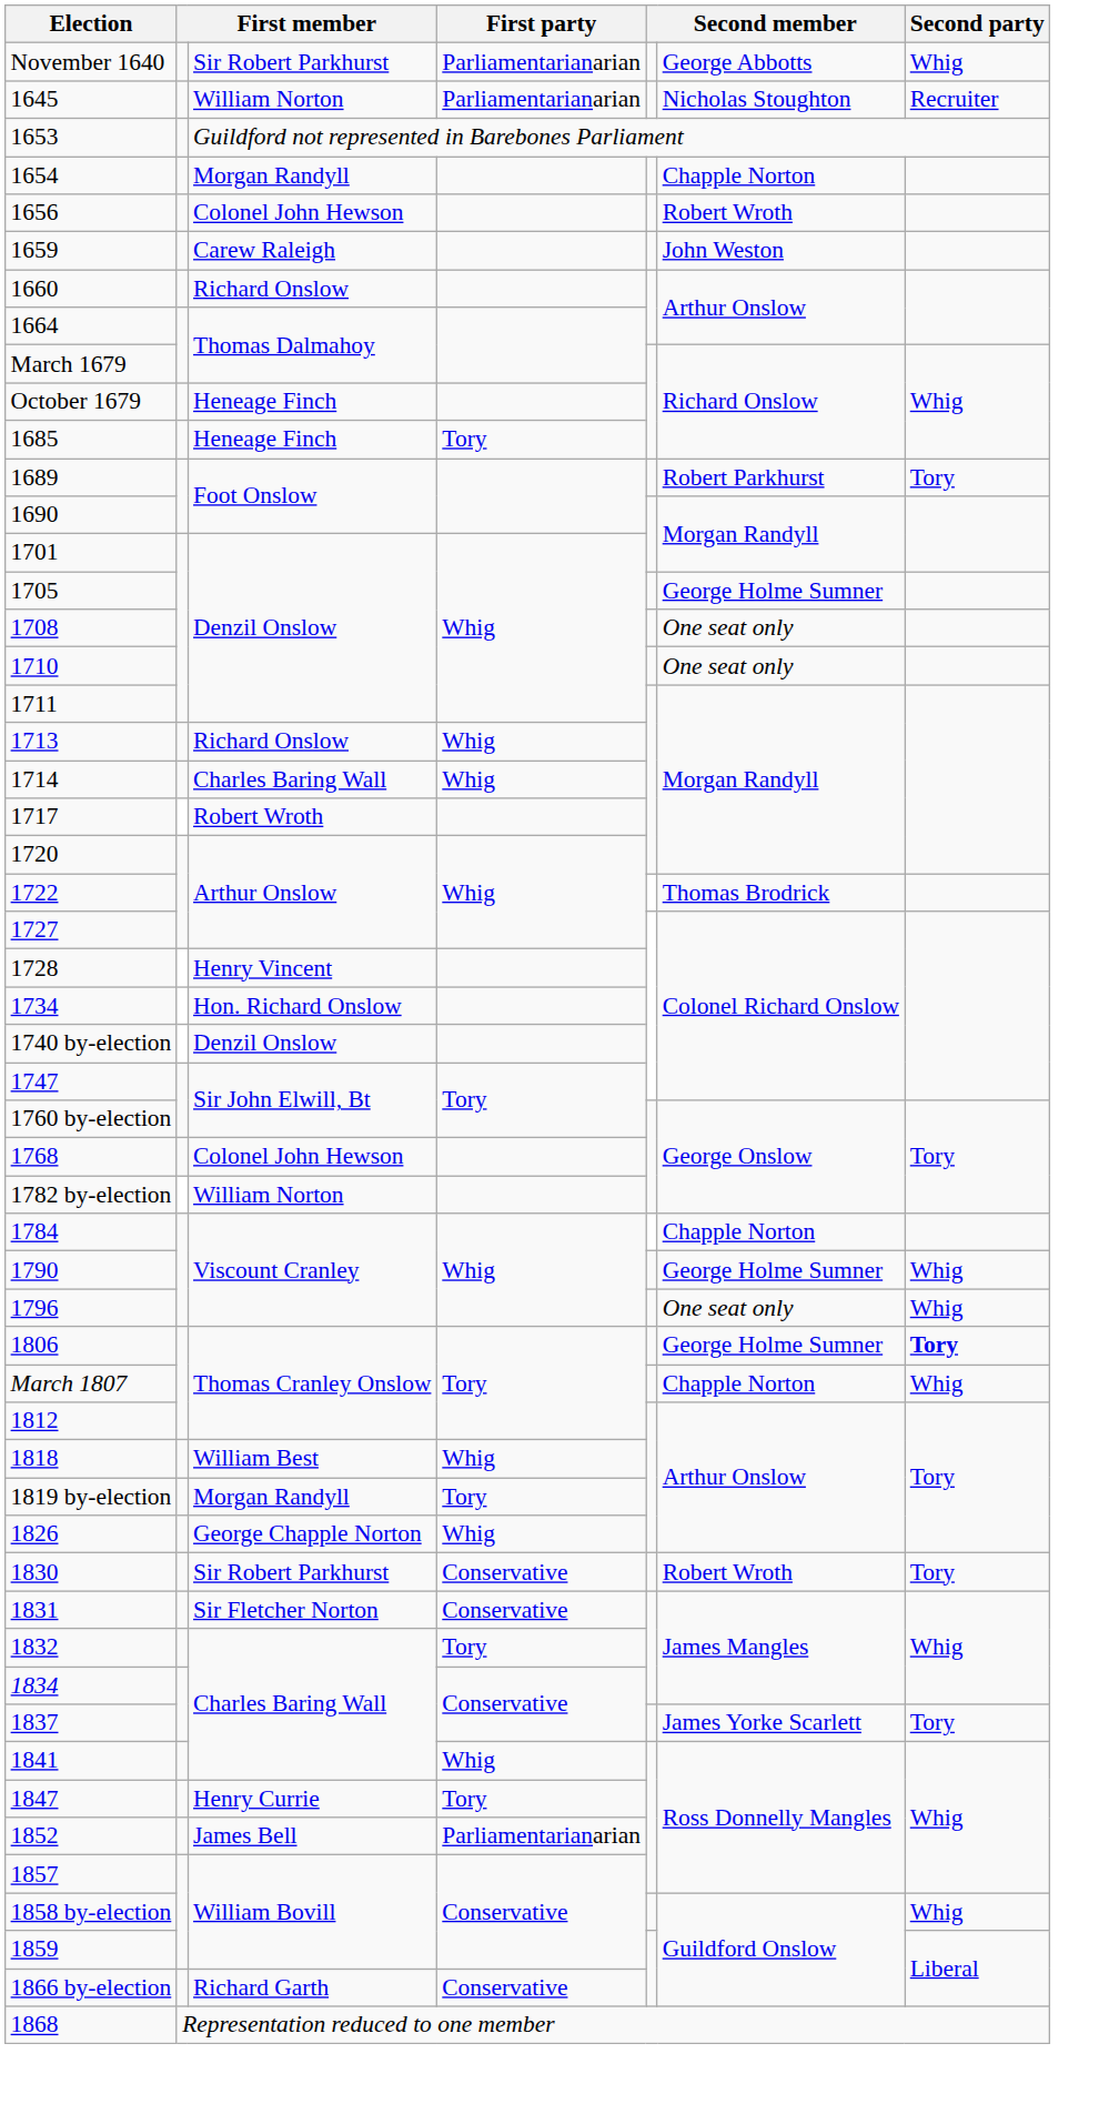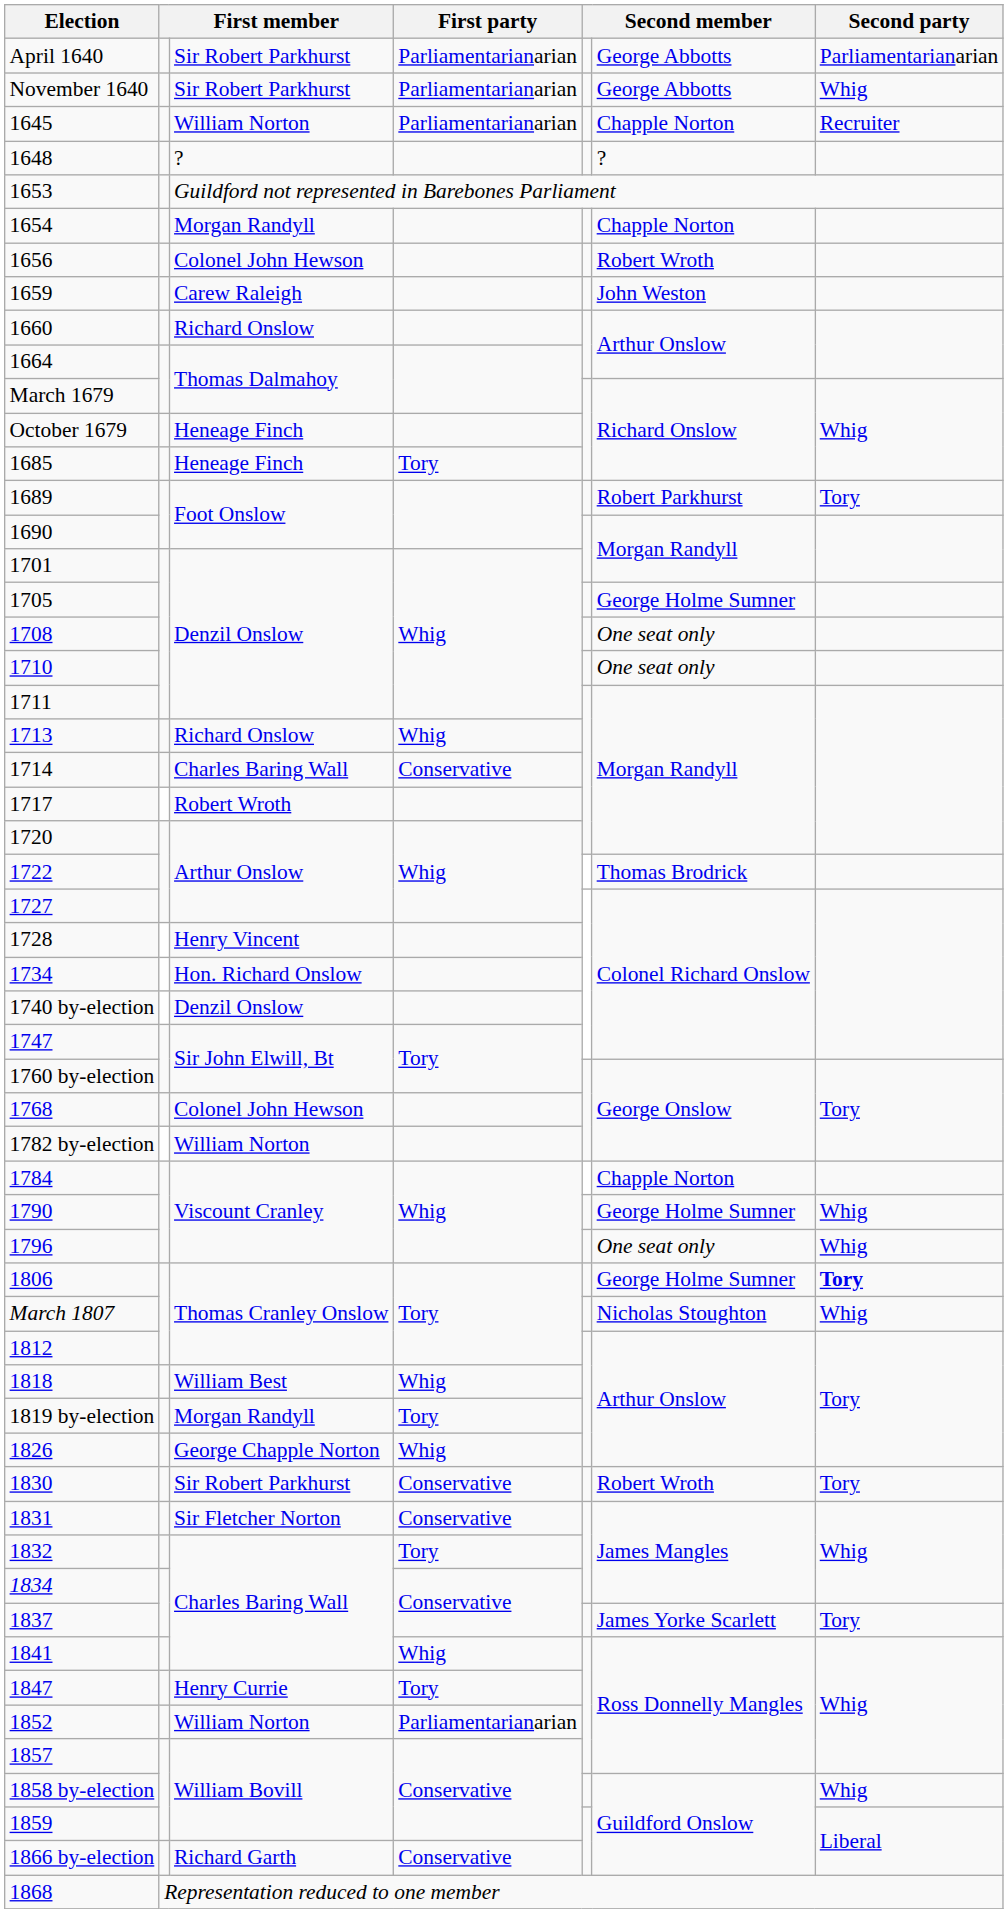 <table class="wikitable">
 <tr>
 <th>Election</th>
 <th colspan="2">First member</th>
 <th>First party</th>
 <th colspan="2">Second member</th>
 <th>Second party</th>
+</tr>
+<tr>
+<td>April 1640</td>
+<td></td>
+<td><a href='#'>Sir Robert Parkhurst</a></td>
+<td><a href='#'>Parliamentarian</a>arian</td>
+<td></td>
+<td><a href='#'>George Abbotts</a></td>
+<td><a href='#'>Parliamentarian</a>arian</td>
 </tr>
 <tr>
 <td>November 1640</td>
 <td></td>
 <td><a href='#'>Sir Robert Parkhurst</a></td>
 <td><a href='#'>Parliamentarian</a>arian</td>
 <td></td>
 <td><a href='#'>George Abbotts</a></td>
 <td><a href='#'>Whig</a></td>
 </tr>
 <tr>
 <td>1645</td>
 <td></td>
 <td><a href='#'>William Norton</a></td>
 <td><a href='#'>Parliamentarian</a>arian</td>
 <td></td>
-<td><a href='#'>Nicholas Stoughton</a></td>
+<td><a href='#'>Chapple Norton</a></td>
 <td><a href='#'>Recruiter</a></td>
+</tr>
+<tr>
+<td>1648</td>
+<td></td>
+<td>?</td>
+<td></td>
+<td></td>
+<td>?</td>
+<td></td>
 </tr>
 <tr>
 <td>1653</td>
 <td></td>
 <td colspan = "5"><em>Guildford not represented in Barebones Parliament</em></td>
 </tr>
 <tr>
 <td>1654</td>
 <td></td>
 <td><a href='#'>Morgan Randyll</a></td>
 <td></td>
 <td></td>
 <td><a href='#'>Chapple Norton</a></td>
 <td></td>
 </tr>
 <tr>
 <td>1656</td>
 <td></td>
 <td><a href='#'>Colonel John Hewson</a></td>
 <td></td>
 <td></td>
 <td><a href='#'>Robert Wroth</a></td>
 <td></td>
 </tr>
 <tr>
 <td>1659</td>
 <td></td>
 <td><a href='#'>Carew Raleigh</a></td>
 <td></td>
 <td></td>
 <td><a href='#'>John Weston</a></td>
 <td></td>
 </tr>
 <tr>
 <td>1660</td>
 <td></td>
 <td><a href='#'>Richard Onslow</a></td>
 <td></td>
 <td rowspan=2></td>
 <td rowspan=2><a href='#'>Arthur Onslow</a></td>
 <td rowspan=2></td>
 </tr>
 <tr>
 <td>1664</td>
 <td rowspan=2></td>
 <td rowspan=2><a href='#'>Thomas Dalmahoy</a></td>
 <td rowspan=2></td>
 </tr>
 <tr>
 <td>March 1679</td>
 <td rowspan=3 style="color:inherit;background-color: "></td>
 <td rowspan=3><a href='#'>Richard Onslow</a></td>
 <td rowspan=3><a href='#'>Whig</a></td>
 </tr>
 <tr>
 <td>October 1679</td>
 <td></td>
 <td><a href='#'>Heneage Finch</a></td>
 <td></td>
 </tr>
 <tr>
 <td>1685</td>
 <td style="color:inherit;background-color: "></td>
 <td><a href='#'>Heneage Finch</a></td>
 <td><a href='#'>Tory</a></td>
 </tr>
 <tr>
 <td>1689</td>
 <td rowspan=2></td>
 <td rowspan=2><a href='#'>Foot Onslow</a></td>
 <td rowspan=2></td>
 <td></td>
 <td><a href='#'>Robert Parkhurst</a></td>
 <td><a href='#'>Tory</a></td>
 </tr>
 <tr>
 <td>1690</td>
 <td rowspan=2></td>
 <td rowspan=2><a href='#'>Morgan Randyll</a></td>
 <td rowspan=2></td>
 </tr>
 <tr>
 <td>1701</td>
 <td rowspan=5 style="color:inherit;background-color: "></td>
 <td rowspan=5><a href='#'>Denzil Onslow</a></td>
 <td rowspan=5><a href='#'>Whig</a></td>
 </tr>
 <tr>
 <td>1705</td>
 <td></td>
 <td><a href='#'>George Holme Sumner</a></td>
 <td></td>
 </tr>
 <tr>
 <td><a href='#'>1708</a></td>
 <td></td>
 <td><em>One seat only</em></td>
 <td></td>
 </tr>
 <tr>
 <td><a href='#'>1710</a></td>
 <td></td>
 <td><em>One seat only</em></td>
 <td></td>
 </tr>
 <tr>
 <td>1711</td>
 <td rowspan="5" style="color:inherit;background-color: "></td>
 <td rowspan="5"><a href='#'>Morgan Randyll</a></td>
 <td rowspan="5"></td>
 </tr>
 <tr>
 <td><a href='#'>1713</a></td>
 <td style="color:inherit;background-color: "></td>
 <td><a href='#'>Richard Onslow</a></td>
 <td><a href='#'>Whig</a></td>
 </tr>
 <tr>
 <td>1714</td>
 <td style="color:inherit;background-color: "></td>
 <td><a href='#'>Charles Baring Wall</a></td>
-<td><a href='#'>Whig</a></td>
+<td><a href='#'>Conservative</a></td>
 </tr>
 <tr>
 <td>1717</td>
 <td style="color:inherit;background-color: white"></td>
 <td><a href='#'>Robert Wroth</a></td>
 <td></td>
 </tr>
 <tr>
 <td>1720</td>
 <td rowspan="3" style="color:inherit;background-color: "></td>
 <td rowspan="3"><a href='#'>Arthur Onslow</a></td>
 <td rowspan="3"><a href='#'>Whig</a></td>
 </tr>
 <tr>
 <td><a href='#'>1722</a></td>
 <td style="color:inherit;background-color: white"></td>
 <td><a href='#'>Thomas Brodrick</a></td>
 <td></td>
 </tr>
 <tr>
 <td><a href='#'>1727</a></td>
 <td rowspan="5" style="color:inherit;background-color: white"></td>
 <td rowspan="5"><a href='#'>Colonel Richard Onslow</a></td>
 <td rowspan="5"></td>
 </tr>
 <tr>
 <td>1728</td>
 <td style="color:inherit;background-color: white"></td>
 <td><a href='#'>Henry Vincent</a></td>
 <td></td>
 </tr>
 <tr>
 <td><a href='#'>1734</a></td>
 <td style="color:inherit;background-color: white"></td>
 <td><a href='#'>Hon. Richard Onslow</a></td>
 <td></td>
 </tr>
 <tr>
 <td>1740 by-election</td>
 <td style="color:inherit;background-color: white"></td>
 <td><a href='#'>Denzil Onslow</a></td>
 <td></td>
 </tr>
 <tr>
 <td><a href='#'>1747</a></td>
 <td rowspan="2" style="color:inherit;background-color: "></td>
 <td rowspan="2"><a href='#'>Sir John Elwill, Bt</a></td>
 <td rowspan="2"><a href='#'>Tory</a></td>
 </tr>
 <tr>
 <td>1760 by-election</td>
 <td rowspan="3" style="color:inherit;background-color: "></td>
 <td rowspan="3"><a href='#'>George Onslow</a></td>
 <td rowspan="3"><a href='#'>Tory</a></td>
 </tr>
 <tr>
 <td><a href='#'>1768</a></td>
 <td></td>
 <td><a href='#'>Colonel John Hewson</a></td>
 <td></td>
 </tr>
 <tr>
 <td>1782 by-election</td>
 <td style="color:inherit;background-color: white"></td>
 <td><a href='#'>William Norton</a></td>
 <td></td>
 </tr>
 <tr>
 <td><a href='#'>1784</a></td>
 <td rowspan="3" style="color:inherit;background-color: "></td>
 <td rowspan="3"><a href='#'>Viscount Cranley</a></td>
 <td rowspan="3"><a href='#'>Whig</a></td>
 <td style="color:inherit;background-color: white"></td>
 <td><a href='#'>Chapple Norton</a></td>
 <td></td>
 </tr>
 <tr>
 <td><a href='#'>1790</a></td>
 <td style="color:inherit;background-color: "></td>
 <td><a href='#'>George Holme Sumner</a></td>
 <td><a href='#'>Whig</a></td>
 </tr>
 <tr>
 <td><a href='#'>1796</a></td>
 <td style="color:inherit;background-color: "></td>
 <td><em>One seat only</em></td>
 <td><a href='#'>Whig</a></td>
 </tr>
 <tr>
 <td><a href='#'>1806</a></td>
 <td rowspan="3" style="color:inherit;background-color: "></td>
 <td rowspan="3"><a href='#'>Thomas Cranley Onslow</a></td>
 <td rowspan="3"><a href='#'>Tory</a></td>
 <td style="color:inherit;background-color: "></td>
 <td><a href='#'>George Holme Sumner</a> </td>
 <td><strong><a href='#'>Tory</a></strong></td>
 </tr>
 <tr>
 <td><em>March 1807</em></td>
 <td style="color:inherit;background-color: "></td>
-<td><a href='#'>Chapple Norton</a></td>
+<td><a href='#'>Nicholas Stoughton</a></td>
 <td><a href='#'>Whig</a></td>
 </tr>
 <tr>
 <td><a href='#'>1812</a></td>
 <td rowspan="4" style="color:inherit;background-color: "></td>
 <td rowspan="4"><a href='#'>Arthur Onslow</a></td>
 <td rowspan="4"><a href='#'>Tory</a></td>
 </tr>
 <tr>
 <td><a href='#'>1818</a></td>
 <td style="color:inherit;background-color: "></td>
 <td><a href='#'>William Best</a></td>
 <td><a href='#'>Whig</a></td>
 </tr>
 <tr>
 <td>1819 by-election</td>
 <td style="color:inherit;background-color: "></td>
 <td><a href='#'>Morgan Randyll</a></td>
 <td><a href='#'>Tory</a></td>
 </tr>
 <tr>
 <td><a href='#'>1826</a></td>
 <td style="color:inherit;background-color: "></td>
 <td><a href='#'>George Chapple Norton</a></td>
 <td><a href='#'>Whig</a></td>
 </tr>
 <tr>
 <td><a href='#'>1830</a></td>
 <td style="color:inherit;background-color: "></td>
 <td><a href='#'>Sir Robert Parkhurst</a></td>
 <td><a href='#'>Conservative</a></td>
 <td style="color:inherit;background-color: "></td>
 <td><a href='#'>Robert Wroth</a></td>
 <td><a href='#'>Tory</a></td>
 </tr>
 <tr>
 <td><a href='#'>1831</a></td>
 <td style="color:inherit;background-color: "></td>
 <td><a href='#'>Sir Fletcher Norton</a></td>
 <td><a href='#'>Conservative</a></td>
 <td rowspan="3" style="color:inherit;background-color: "></td>
 <td rowspan="3"><a href='#'>James Mangles</a></td>
 <td rowspan="3"><a href='#'>Whig</a></td>
 </tr>
 <tr>
 <td><a href='#'>1832</a></td>
 <td style="color:inherit;background-color: "></td>
 <td rowspan="4"><a href='#'>Charles Baring Wall</a></td>
 <td><a href='#'>Tory</a></td>
 </tr>
 <tr>
 <td><em><a href='#'>1834</a></em></td>
 <td rowspan="2" style="color:inherit;background-color: "></td>
 <td rowspan="2"><a href='#'>Conservative</a></td>
 </tr>
 <tr>
 <td><a href='#'>1837</a></td>
 <td style="color:inherit;background-color: "></td>
 <td><a href='#'>James Yorke Scarlett</a></td>
 <td><a href='#'>Tory</a></td>
 </tr>
 <tr>
 <td><a href='#'>1841</a></td>
 <td style="color:inherit;background-color: "></td>
 <td><a href='#'>Whig</a></td>
 <td rowspan="4" style="color:inherit;background-color: "></td>
 <td rowspan="4"><a href='#'>Ross Donnelly Mangles</a></td>
 <td rowspan="4"><a href='#'>Whig</a></td>
 </tr>
 <tr>
 <td><a href='#'>1847</a></td>
 <td style="color:inherit;background-color: "></td>
 <td><a href='#'>Henry Currie</a></td>
 <td><a href='#'>Tory</a></td>
 </tr>
 <tr>
 <td><a href='#'>1852</a></td>
 <td style="color:inherit;background-color: "></td>
-<td><a href='#'>James Bell</a></td>
+<td><a href='#'>William Norton</a></td>
 <td><a href='#'>Parliamentarian</a>arian</td>
 </tr>
 <tr>
 <td><a href='#'>1857</a></td>
 <td rowspan="3" style="color:inherit;background-color: "></td>
 <td rowspan="3"><a href='#'>William Bovill</a></td>
 <td rowspan="3"><a href='#'>Conservative</a></td>
 </tr>
 <tr>
 <td><a href='#'>1858 by-election</a></td>
 <td style="color:inherit;background-color: "></td>
 <td rowspan="3"><a href='#'>Guildford Onslow</a></td>
 <td><a href='#'>Whig</a></td>
 </tr>
 <tr>
 <td><a href='#'>1859</a></td>
 <td rowspan="2" style="color:inherit;background-color: "></td>
 <td rowspan="2"><a href='#'>Liberal</a></td>
 </tr>
 <tr>
 <td><a href='#'>1866 by-election</a></td>
 <td style="color:inherit;background-color: "></td>
 <td><a href='#'>Richard Garth</a></td>
 <td><a href='#'>Conservative</a></td>
 </tr>
 <tr>
 <td><a href='#'>1868</a></td>
 <td colspan="6"><em>Representation reduced to one member</em></td>
 </tr>
 </table>
